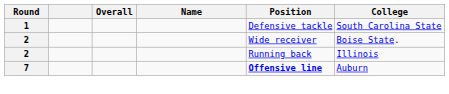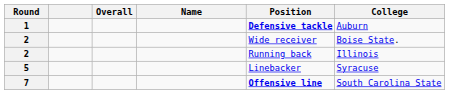 <table class="wikitable sortable">
 <tr>
 <th scope="col" style="width: 10%;">Round</th>
 <th scope="col" style="width: 10%;"></th>
 <th scope="col" style="width: 10%;">Overall</th>
 <th scope="col" style="width: 25%;">Name</th>
 <th scope="col" style="width: 20%;">Position</th>
 <th scope="col" style="width: 25%;">College</th>
 </tr>
 <tr>
 <th scope="row">1</th>
 <td></td>
 <td></td>
 <td></td>
-<td><a href='#'>Defensive tackle</a></td>
-<td><a href='#'>South Carolina State</a></td>
+<td><strong><a href='#'>Defensive tackle</a></strong></td>
+<td><a href='#'>Auburn</a></td>
 </tr>
 <tr>
 <th scope="row">2</th>
 <td></td>
 <td></td>
 <td></td>
 <td><a href='#'>Wide receiver</a></td>
 <td><a href='#'>Boise State</a>.</td>
 </tr>
 <tr>
 <th scope="row">2</th>
 <td></td>
 <td></td>
 <td></td>
 <td><a href='#'>Running back</a></td>
 <td><a href='#'>Illinois</a></td>
 </tr>
 <tr>
+<th scope="row">5</th>
+<td></td>
+<td></td>
+<td></td>
+<td><a href='#'>Linebacker</a></td>
+<td><a href='#'>Syracuse</a></td>
+</tr>
+<tr>
 <th scope="row">7</th>
 <td></td>
 <td></td>
 <td></td>
 <td><strong><a href='#'>Offensive line</a></strong></td>
-<td><a href='#'>Auburn</a></td>
+<td><a href='#'>South Carolina State</a></td>
 </tr>
 </table>
